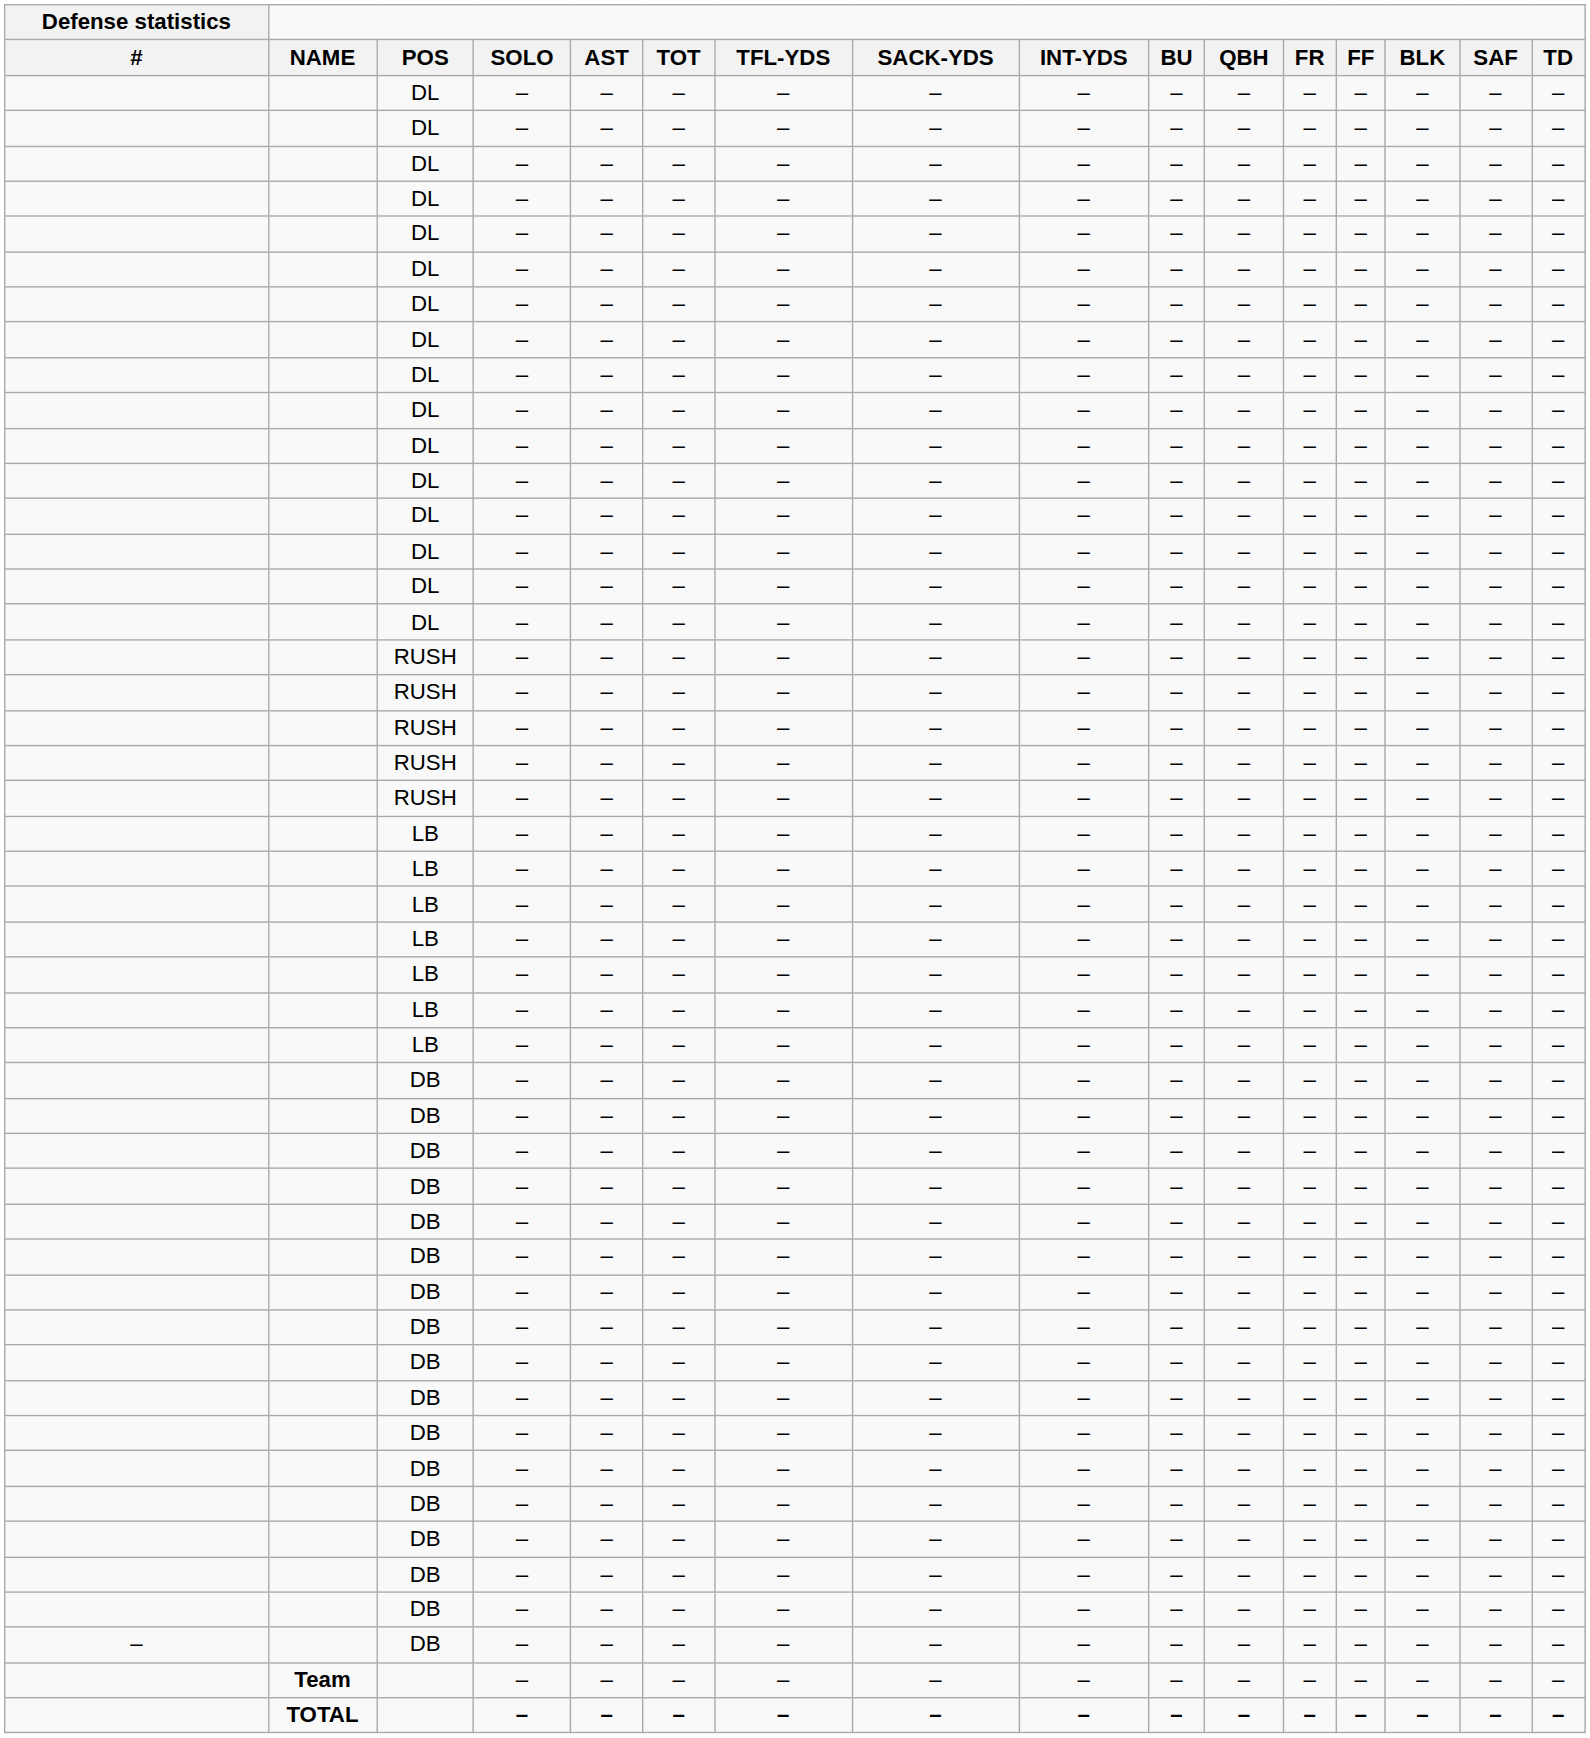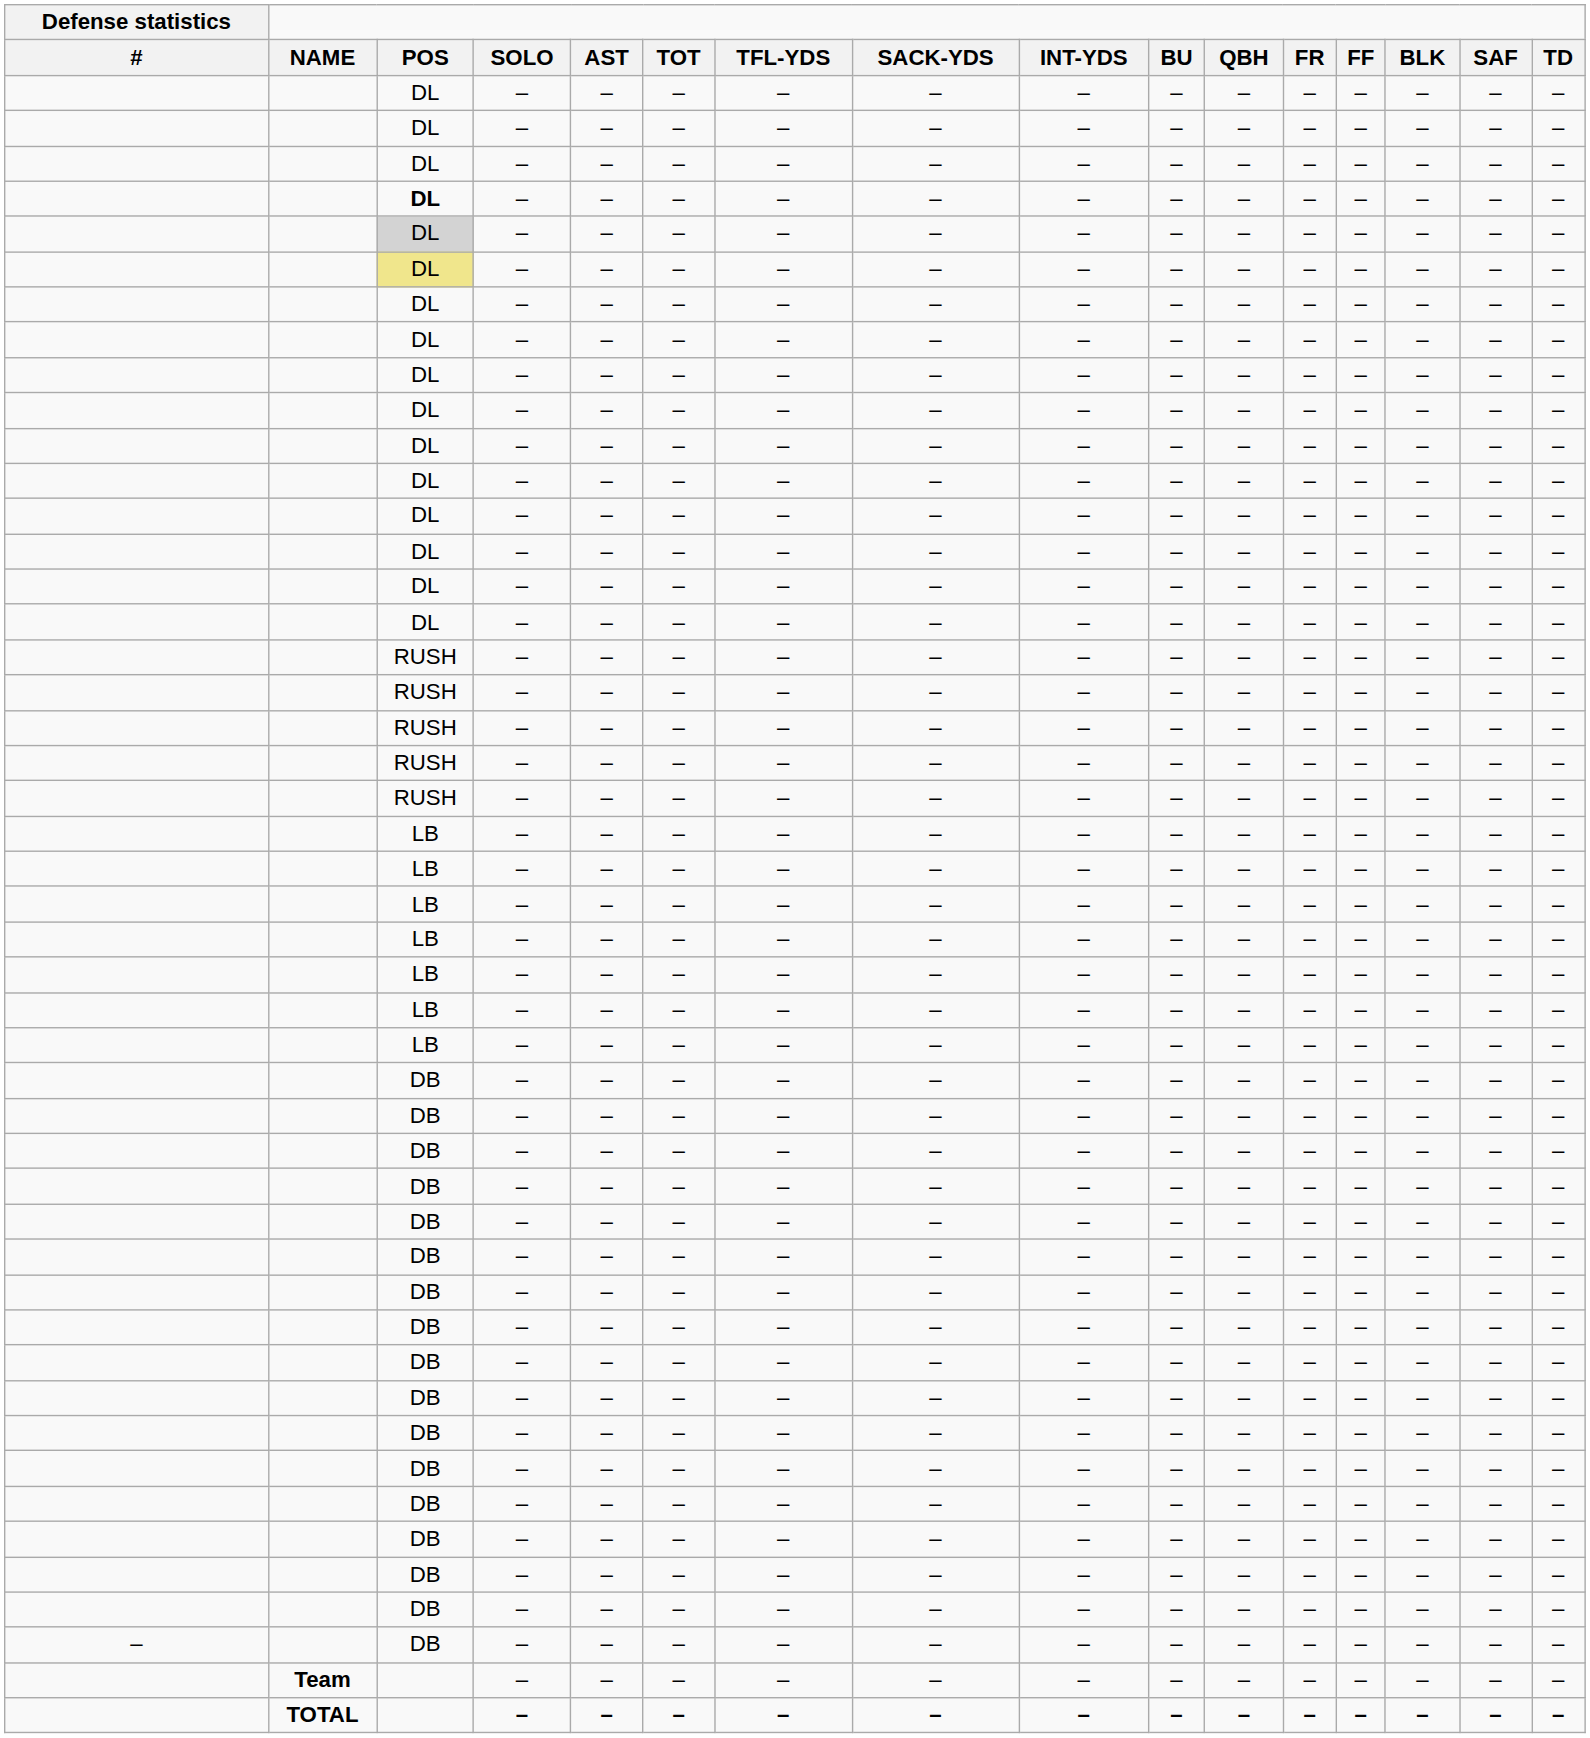 <table style="width:90%; text-align:center;" class="wikitable collapsible collapsed">
 <tr>
 <th style="text-align:center; ">Defense statistics</th>
 </tr>
 <tr>
 <th>#</th>
 <th>NAME</th>
 <th>POS</th>
 <th>SOLO</th>
 <th>AST</th>
 <th>TOT</th>
 <th>TFL-YDS</th>
 <th>SACK-YDS</th>
 <th>INT-YDS</th>
 <th>BU</th>
 <th>QBH</th>
 <th>FR</th>
 <th>FF</th>
 <th>BLK</th>
 <th>SAF</th>
 <th>TD</th>
 </tr>
 <tr>
 <td></td>
 <td></td>
 <td>DL</td>
 <td>–</td>
 <td>–</td>
 <td>–</td>
 <td>–</td>
 <td>–</td>
 <td>–</td>
 <td>–</td>
 <td>–</td>
 <td>–</td>
 <td>–</td>
 <td>–</td>
 <td>–</td>
 <td>–</td>
 </tr>
 <tr>
 <td></td>
 <td></td>
 <td>DL</td>
 <td>–</td>
 <td>–</td>
 <td>–</td>
 <td>–</td>
 <td>–</td>
 <td>–</td>
 <td>–</td>
 <td>–</td>
 <td>–</td>
 <td>–</td>
 <td>–</td>
 <td>–</td>
 <td>–</td>
 </tr>
 <tr>
 <td></td>
 <td></td>
 <td>DL</td>
 <td>–</td>
 <td>–</td>
 <td>–</td>
 <td>–</td>
 <td>–</td>
 <td>–</td>
 <td>–</td>
 <td>–</td>
 <td>–</td>
 <td>–</td>
 <td>–</td>
 <td>–</td>
 <td>–</td>
 </tr>
 <tr>
 <td></td>
 <td></td>
-<td>DL</td>
+<td><strong>DL</strong></td>
 <td>–</td>
 <td>–</td>
 <td>–</td>
 <td>–</td>
 <td>–</td>
 <td>–</td>
 <td>–</td>
 <td>–</td>
 <td>–</td>
 <td>–</td>
 <td>–</td>
 <td>–</td>
 <td>–</td>
 </tr>
 <tr>
 <td></td>
 <td></td>
-<td>DL</td>
+<td style="background: lightgrey;">DL</td>
 <td>–</td>
 <td>–</td>
 <td>–</td>
 <td>–</td>
 <td>–</td>
 <td>–</td>
 <td>–</td>
 <td>–</td>
 <td>–</td>
 <td>–</td>
 <td>–</td>
 <td>–</td>
 <td>–</td>
 </tr>
 <tr>
 <td></td>
 <td></td>
-<td>DL</td>
+<td style="background: khaki;">DL</td>
 <td>–</td>
 <td>–</td>
 <td>–</td>
 <td>–</td>
 <td>–</td>
 <td>–</td>
 <td>–</td>
 <td>–</td>
 <td>–</td>
 <td>–</td>
 <td>–</td>
 <td>–</td>
 <td>–</td>
 </tr>
 <tr>
 <td></td>
 <td></td>
 <td>DL</td>
 <td>–</td>
 <td>–</td>
 <td>–</td>
 <td>–</td>
 <td>–</td>
 <td>–</td>
 <td>–</td>
 <td>–</td>
 <td>–</td>
 <td>–</td>
 <td>–</td>
 <td>–</td>
 <td>–</td>
 </tr>
 <tr>
 <td></td>
 <td></td>
 <td>DL</td>
 <td>–</td>
 <td>–</td>
 <td>–</td>
 <td>–</td>
 <td>–</td>
 <td>–</td>
 <td>–</td>
 <td>–</td>
 <td>–</td>
 <td>–</td>
 <td>–</td>
 <td>–</td>
 <td>–</td>
 </tr>
 <tr>
 <td></td>
 <td></td>
 <td>DL</td>
 <td>–</td>
 <td>–</td>
 <td>–</td>
 <td>–</td>
 <td>–</td>
 <td>–</td>
 <td>–</td>
 <td>–</td>
 <td>–</td>
 <td>–</td>
 <td>–</td>
 <td>–</td>
 <td>–</td>
 </tr>
 <tr>
 <td></td>
 <td></td>
 <td>DL</td>
 <td>–</td>
 <td>–</td>
 <td>–</td>
 <td>–</td>
 <td>–</td>
 <td>–</td>
 <td>–</td>
 <td>–</td>
 <td>–</td>
 <td>–</td>
 <td>–</td>
 <td>–</td>
 <td>–</td>
 </tr>
 <tr>
 <td></td>
 <td></td>
 <td>DL</td>
 <td>–</td>
 <td>–</td>
 <td>–</td>
 <td>–</td>
 <td>–</td>
 <td>–</td>
 <td>–</td>
 <td>–</td>
 <td>–</td>
 <td>–</td>
 <td>–</td>
 <td>–</td>
 <td>–</td>
 </tr>
 <tr>
 <td></td>
 <td></td>
 <td>DL</td>
 <td>–</td>
 <td>–</td>
 <td>–</td>
 <td>–</td>
 <td>–</td>
 <td>–</td>
 <td>–</td>
 <td>–</td>
 <td>–</td>
 <td>–</td>
 <td>–</td>
 <td>–</td>
 <td>–</td>
 </tr>
 <tr>
 <td></td>
 <td></td>
 <td>DL</td>
 <td>–</td>
 <td>–</td>
 <td>–</td>
 <td>–</td>
 <td>–</td>
 <td>–</td>
 <td>–</td>
 <td>–</td>
 <td>–</td>
 <td>–</td>
 <td>–</td>
 <td>–</td>
 <td>–</td>
 </tr>
 <tr>
 <td></td>
 <td></td>
 <td>DL</td>
 <td>–</td>
 <td>–</td>
 <td>–</td>
 <td>–</td>
 <td>–</td>
 <td>–</td>
 <td>–</td>
 <td>–</td>
 <td>–</td>
 <td>–</td>
 <td>–</td>
 <td>–</td>
 <td>–</td>
 </tr>
 <tr>
 <td></td>
 <td></td>
 <td>DL</td>
 <td>–</td>
 <td>–</td>
 <td>–</td>
 <td>–</td>
 <td>–</td>
 <td>–</td>
 <td>–</td>
 <td>–</td>
 <td>–</td>
 <td>–</td>
 <td>–</td>
 <td>–</td>
 <td>–</td>
 </tr>
 <tr>
 <td></td>
 <td></td>
 <td>DL</td>
 <td>–</td>
 <td>–</td>
 <td>–</td>
 <td>–</td>
 <td>–</td>
 <td>–</td>
 <td>–</td>
 <td>–</td>
 <td>–</td>
 <td>–</td>
 <td>–</td>
 <td>–</td>
 <td>–</td>
 </tr>
 <tr>
 <td></td>
 <td></td>
 <td>RUSH</td>
 <td>–</td>
 <td>–</td>
 <td>–</td>
 <td>–</td>
 <td>–</td>
 <td>–</td>
 <td>–</td>
 <td>–</td>
 <td>–</td>
 <td>–</td>
 <td>–</td>
 <td>–</td>
 <td>–</td>
 </tr>
 <tr>
 <td></td>
 <td></td>
 <td>RUSH</td>
 <td>–</td>
 <td>–</td>
 <td>–</td>
 <td>–</td>
 <td>–</td>
 <td>–</td>
 <td>–</td>
 <td>–</td>
 <td>–</td>
 <td>–</td>
 <td>–</td>
 <td>–</td>
 <td>–</td>
 </tr>
 <tr>
 <td></td>
 <td></td>
 <td>RUSH</td>
 <td>–</td>
 <td>–</td>
 <td>–</td>
 <td>–</td>
 <td>–</td>
 <td>–</td>
 <td>–</td>
 <td>–</td>
 <td>–</td>
 <td>–</td>
 <td>–</td>
 <td>–</td>
 <td>–</td>
 </tr>
 <tr>
 <td></td>
 <td></td>
 <td>RUSH</td>
 <td>–</td>
 <td>–</td>
 <td>–</td>
 <td>–</td>
 <td>–</td>
 <td>–</td>
 <td>–</td>
 <td>–</td>
 <td>–</td>
 <td>–</td>
 <td>–</td>
 <td>–</td>
 <td>–</td>
 </tr>
 <tr>
 <td></td>
 <td></td>
 <td>RUSH</td>
 <td>–</td>
 <td>–</td>
 <td>–</td>
 <td>–</td>
 <td>–</td>
 <td>–</td>
 <td>–</td>
 <td>–</td>
 <td>–</td>
 <td>–</td>
 <td>–</td>
 <td>–</td>
 <td>–</td>
 </tr>
 <tr>
 <td></td>
 <td></td>
 <td>LB</td>
 <td>–</td>
 <td>–</td>
 <td>–</td>
 <td>–</td>
 <td>–</td>
 <td>–</td>
 <td>–</td>
 <td>–</td>
 <td>–</td>
 <td>–</td>
 <td>–</td>
 <td>–</td>
 <td>–</td>
 </tr>
 <tr>
 <td></td>
 <td></td>
 <td>LB</td>
 <td>–</td>
 <td>–</td>
 <td>–</td>
 <td>–</td>
 <td>–</td>
 <td>–</td>
 <td>–</td>
 <td>–</td>
 <td>–</td>
 <td>–</td>
 <td>–</td>
 <td>–</td>
 <td>–</td>
 </tr>
 <tr>
 <td></td>
 <td></td>
 <td>LB</td>
 <td>–</td>
 <td>–</td>
 <td>–</td>
 <td>–</td>
 <td>–</td>
 <td>–</td>
 <td>–</td>
 <td>–</td>
 <td>–</td>
 <td>–</td>
 <td>–</td>
 <td>–</td>
 <td>–</td>
 </tr>
 <tr>
 <td></td>
 <td></td>
 <td>LB</td>
 <td>–</td>
 <td>–</td>
 <td>–</td>
 <td>–</td>
 <td>–</td>
 <td>–</td>
 <td>–</td>
 <td>–</td>
 <td>–</td>
 <td>–</td>
 <td>–</td>
 <td>–</td>
 <td>–</td>
 </tr>
 <tr>
 <td></td>
 <td></td>
 <td>LB</td>
 <td>–</td>
 <td>–</td>
 <td>–</td>
 <td>–</td>
 <td>–</td>
 <td>–</td>
 <td>–</td>
 <td>–</td>
 <td>–</td>
 <td>–</td>
 <td>–</td>
 <td>–</td>
 <td>–</td>
 </tr>
 <tr>
 <td></td>
 <td></td>
 <td>LB</td>
 <td>–</td>
 <td>–</td>
 <td>–</td>
 <td>–</td>
 <td>–</td>
 <td>–</td>
 <td>–</td>
 <td>–</td>
 <td>–</td>
 <td>–</td>
 <td>–</td>
 <td>–</td>
 <td>–</td>
 </tr>
 <tr>
 <td></td>
 <td></td>
 <td>LB</td>
 <td>–</td>
 <td>–</td>
 <td>–</td>
 <td>–</td>
 <td>–</td>
 <td>–</td>
 <td>–</td>
 <td>–</td>
 <td>–</td>
 <td>–</td>
 <td>–</td>
 <td>–</td>
 <td>–</td>
 </tr>
 <tr>
 <td></td>
 <td></td>
 <td>DB</td>
 <td>–</td>
 <td>–</td>
 <td>–</td>
 <td>–</td>
 <td>–</td>
 <td>–</td>
 <td>–</td>
 <td>–</td>
 <td>–</td>
 <td>–</td>
 <td>–</td>
 <td>–</td>
 <td>–</td>
 </tr>
 <tr>
 <td></td>
 <td></td>
 <td>DB</td>
 <td>–</td>
 <td>–</td>
 <td>–</td>
 <td>–</td>
 <td>–</td>
 <td>–</td>
 <td>–</td>
 <td>–</td>
 <td>–</td>
 <td>–</td>
 <td>–</td>
 <td>–</td>
 <td>–</td>
 </tr>
 <tr>
 <td></td>
 <td></td>
 <td>DB</td>
 <td>–</td>
 <td>–</td>
 <td>–</td>
 <td>–</td>
 <td>–</td>
 <td>–</td>
 <td>–</td>
 <td>–</td>
 <td>–</td>
 <td>–</td>
 <td>–</td>
 <td>–</td>
 <td>–</td>
 </tr>
 <tr>
 <td></td>
 <td></td>
 <td>DB</td>
 <td>–</td>
 <td>–</td>
 <td>–</td>
 <td>–</td>
 <td>–</td>
 <td>–</td>
 <td>–</td>
 <td>–</td>
 <td>–</td>
 <td>–</td>
 <td>–</td>
 <td>–</td>
 <td>–</td>
 </tr>
 <tr>
 <td></td>
 <td></td>
 <td>DB</td>
 <td>–</td>
 <td>–</td>
 <td>–</td>
 <td>–</td>
 <td>–</td>
 <td>–</td>
 <td>–</td>
 <td>–</td>
 <td>–</td>
 <td>–</td>
 <td>–</td>
 <td>–</td>
 <td>–</td>
 </tr>
 <tr>
 <td></td>
 <td></td>
 <td>DB</td>
 <td>–</td>
 <td>–</td>
 <td>–</td>
 <td>–</td>
 <td>–</td>
 <td>–</td>
 <td>–</td>
 <td>–</td>
 <td>–</td>
 <td>–</td>
 <td>–</td>
 <td>–</td>
 <td>–</td>
 </tr>
 <tr>
 <td></td>
 <td></td>
 <td>DB</td>
 <td>–</td>
 <td>–</td>
 <td>–</td>
 <td>–</td>
 <td>–</td>
 <td>–</td>
 <td>–</td>
 <td>–</td>
 <td>–</td>
 <td>–</td>
 <td>–</td>
 <td>–</td>
 <td>–</td>
 </tr>
 <tr>
 <td></td>
 <td></td>
 <td>DB</td>
 <td>–</td>
 <td>–</td>
 <td>–</td>
 <td>–</td>
 <td>–</td>
 <td>–</td>
 <td>–</td>
 <td>–</td>
 <td>–</td>
 <td>–</td>
 <td>–</td>
 <td>–</td>
 <td>–</td>
 </tr>
 <tr>
 <td></td>
 <td></td>
 <td>DB</td>
 <td>–</td>
 <td>–</td>
 <td>–</td>
 <td>–</td>
 <td>–</td>
 <td>–</td>
 <td>–</td>
 <td>–</td>
 <td>–</td>
 <td>–</td>
 <td>–</td>
 <td>–</td>
 <td>–</td>
 </tr>
 <tr>
 <td></td>
 <td></td>
 <td>DB</td>
 <td>–</td>
 <td>–</td>
 <td>–</td>
 <td>–</td>
 <td>–</td>
 <td>–</td>
 <td>–</td>
 <td>–</td>
 <td>–</td>
 <td>–</td>
 <td>–</td>
 <td>–</td>
 <td>–</td>
 </tr>
 <tr>
 <td></td>
 <td></td>
 <td>DB</td>
 <td>–</td>
 <td>–</td>
 <td>–</td>
 <td>–</td>
 <td>–</td>
 <td>–</td>
 <td>–</td>
 <td>–</td>
 <td>–</td>
 <td>–</td>
 <td>–</td>
 <td>–</td>
 <td>–</td>
 </tr>
 <tr>
 <td></td>
 <td></td>
 <td>DB</td>
 <td>–</td>
 <td>–</td>
 <td>–</td>
 <td>–</td>
 <td>–</td>
 <td>–</td>
 <td>–</td>
 <td>–</td>
 <td>–</td>
 <td>–</td>
 <td>–</td>
 <td>–</td>
 <td>–</td>
 </tr>
 <tr>
 <td></td>
 <td></td>
 <td>DB</td>
 <td>–</td>
 <td>–</td>
 <td>–</td>
 <td>–</td>
 <td>–</td>
 <td>–</td>
 <td>–</td>
 <td>–</td>
 <td>–</td>
 <td>–</td>
 <td>–</td>
 <td>–</td>
 <td>–</td>
 </tr>
 <tr>
 <td></td>
 <td></td>
 <td>DB</td>
 <td>–</td>
 <td>–</td>
 <td>–</td>
 <td>–</td>
 <td>–</td>
 <td>–</td>
 <td>–</td>
 <td>–</td>
 <td>–</td>
 <td>–</td>
 <td>–</td>
 <td>–</td>
 <td>–</td>
 </tr>
 <tr>
 <td></td>
 <td></td>
 <td>DB</td>
 <td>–</td>
 <td>–</td>
 <td>–</td>
 <td>–</td>
 <td>–</td>
 <td>–</td>
 <td>–</td>
 <td>–</td>
 <td>–</td>
 <td>–</td>
 <td>–</td>
 <td>–</td>
 <td>–</td>
 </tr>
 <tr>
 <td></td>
 <td></td>
 <td>DB</td>
 <td>–</td>
 <td>–</td>
 <td>–</td>
 <td>–</td>
 <td>–</td>
 <td>–</td>
 <td>–</td>
 <td>–</td>
 <td>–</td>
 <td>–</td>
 <td>–</td>
 <td>–</td>
 <td>–</td>
 </tr>
 <tr>
 <td>–</td>
 <td></td>
 <td>DB</td>
 <td>–</td>
 <td>–</td>
 <td>–</td>
 <td>–</td>
 <td>–</td>
 <td>–</td>
 <td>–</td>
 <td>–</td>
 <td>–</td>
 <td>–</td>
 <td>–</td>
 <td>–</td>
 <td>–</td>
 </tr>
 <tr>
 <td></td>
 <td><strong>Team</strong></td>
 <td></td>
 <td>–</td>
 <td>–</td>
 <td>–</td>
 <td>–</td>
 <td>–</td>
 <td>–</td>
 <td>–</td>
 <td>–</td>
 <td>–</td>
 <td>–</td>
 <td>–</td>
 <td>–</td>
 <td>–</td>
 </tr>
 <tr>
 <td></td>
 <td><strong>TOTAL</strong></td>
 <td></td>
 <td><strong>–</strong></td>
 <td><strong>–</strong></td>
 <td><strong>–</strong></td>
 <td><strong>–</strong></td>
 <td><strong>–</strong></td>
 <td><strong>–</strong></td>
 <td><strong>–</strong></td>
 <td><strong>–</strong></td>
 <td><strong>–</strong></td>
 <td><strong>–</strong></td>
 <td><strong>–</strong></td>
 <td><strong>–</strong></td>
 <td><strong>–</strong></td>
 </tr>
 </table>
